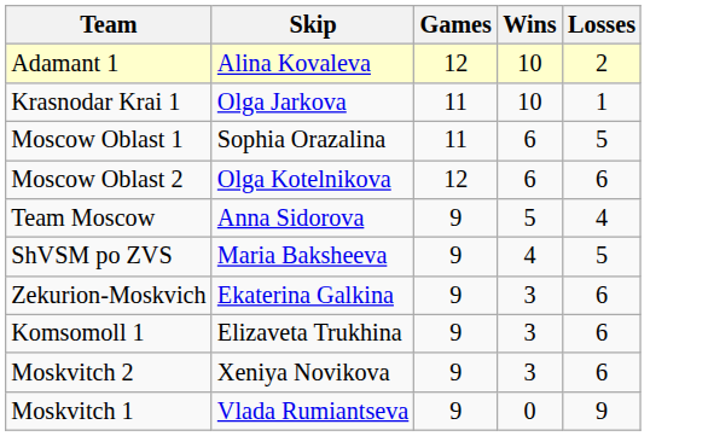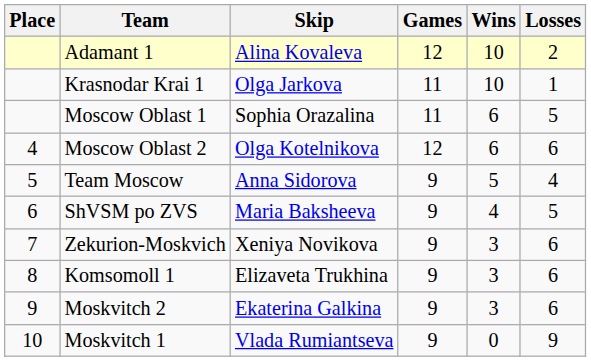 <table class="wikitable" style="text-align:center;">
 <tr>
+<th>Place</th>
 <th>Team</th>
 <th>Skip</th>
 <th>Games</th>
 <th>Wins</th>
 <th>Losses</th>
 </tr>
 <tr bgcolor=#ffc>
+<td></td>
 <td align=left>Adamant 1</td>
 <td align=left><a href='#'>Alina Kovaleva</a></td>
 <td>12</td>
 <td>10</td>
 <td>2</td>
 </tr>
 <tr>
+<td></td>
 <td align=left>Krasnodar Krai 1</td>
 <td align=left><a href='#'>Olga Jarkova</a></td>
 <td>11</td>
 <td>10</td>
 <td>1</td>
 </tr>
 <tr>
+<td></td>
 <td align=left>Moscow Oblast 1</td>
 <td align=left>Sophia Orazalina</td>
 <td>11</td>
 <td>6</td>
 <td>5</td>
 </tr>
 <tr>
+<td>4</td>
 <td align=left>Moscow Oblast 2</td>
 <td align=left><a href='#'>Olga Kotelnikova</a></td>
 <td>12</td>
 <td>6</td>
 <td>6</td>
 </tr>
 <tr>
+<td>5</td>
 <td align=left>Team Moscow</td>
 <td align=left><a href='#'>Anna Sidorova</a></td>
 <td>9</td>
 <td>5</td>
 <td>4</td>
 </tr>
 <tr>
+<td>6</td>
 <td align=left>ShVSM po ZVS</td>
 <td align=left><a href='#'>Maria Baksheeva</a></td>
 <td>9</td>
 <td>4</td>
 <td>5</td>
 </tr>
 <tr>
+<td>7</td>
 <td align=left>Zekurion-Moskvich</td>
-<td align=left><a href='#'>Ekaterina Galkina</a></td>
+<td align=left>Xeniya Novikova</td>
 <td>9</td>
 <td>3</td>
 <td>6</td>
 </tr>
 <tr>
+<td>8</td>
 <td align=left>Komsomoll 1</td>
 <td align=left>Elizaveta Trukhina</td>
 <td>9</td>
 <td>3</td>
 <td>6</td>
 </tr>
 <tr>
+<td>9</td>
 <td align=left>Moskvitch 2</td>
-<td align=left>Xeniya Novikova</td>
+<td align=left><a href='#'>Ekaterina Galkina</a></td>
 <td>9</td>
 <td>3</td>
 <td>6</td>
 </tr>
 <tr>
+<td>10</td>
 <td align=left>Moskvitch 1</td>
 <td align=left><a href='#'>Vlada Rumiantseva</a></td>
 <td>9</td>
 <td>0</td>
 <td>9</td>
 </tr>
 </table>
